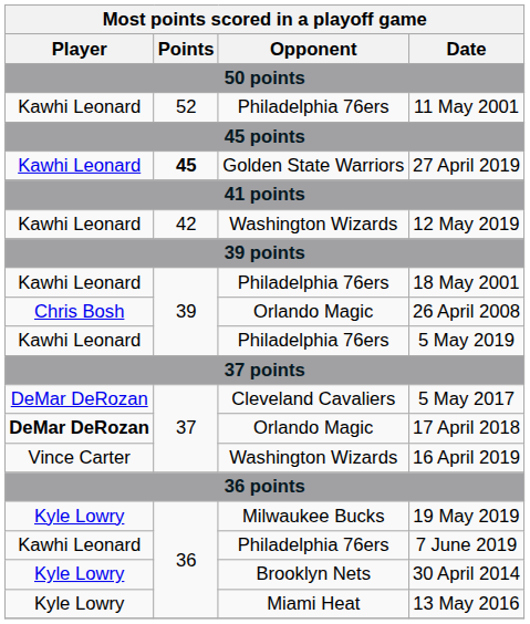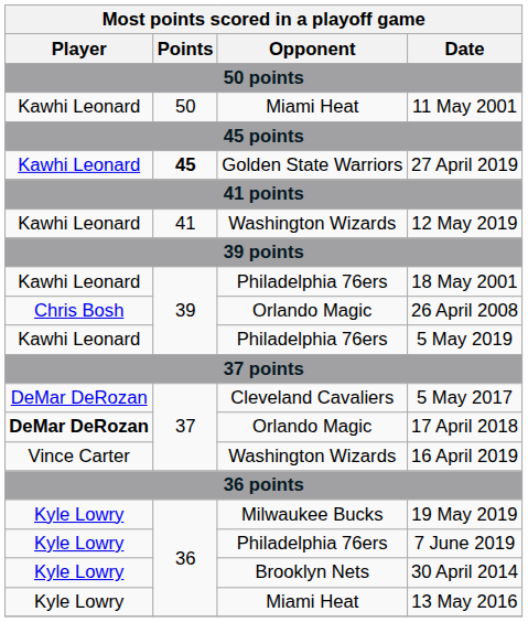 <table class="wikitable" style="text-align:center">
 <tr>
 <th colspan="4">Most points scored in a playoff game</th>
 </tr>
 <tr>
 <th>Player</th>
 <th>Points</th>
 <th>Opponent</th>
 <th>Date</th>
 </tr>
 <tr>
 <th colspan="4" style="text-align:center; background:#A1A1A4; color:#061922;">50 points</th>
 </tr>
 <tr>
 <td>Kawhi Leonard</td>
-<td>52</td>
-<td>Philadelphia 76ers</td>
+<td>50</td>
+<td>Miami Heat</td>
 <td>11 May 2001</td>
 </tr>
 <tr>
 <th colspan="4" style="text-align:center; background:#A1A1A4; color:#061922;">45 points</th>
 </tr>
 <tr>
 <td><a href='#'>Kawhi Leonard</a></td>
 <td><strong>45</strong></td>
 <td>Golden State Warriors</td>
 <td>27 April 2019</td>
 </tr>
 <tr>
 <th colspan="4" style="text-align:center; background:#A1A1A4; color:#061922;">41 points</th>
 </tr>
 <tr>
 <td>Kawhi Leonard</td>
-<td>42</td>
+<td>41</td>
 <td>Washington Wizards</td>
 <td>12 May 2019</td>
 </tr>
 <tr>
 <th colspan="4" style="text-align:center; background:#A1A1A4; color:#061922;">39 points</th>
 </tr>
 <tr>
 <td>Kawhi Leonard</td>
 <td rowspan=3>39</td>
 <td>Philadelphia 76ers</td>
 <td>18 May 2001</td>
 </tr>
 <tr>
 <td><a href='#'>Chris Bosh</a></td>
 <td>Orlando Magic</td>
 <td>26 April 2008</td>
 </tr>
 <tr>
 <td>Kawhi Leonard</td>
 <td>Philadelphia 76ers</td>
 <td>5 May 2019</td>
 </tr>
 <tr>
 <th colspan="4" style="text-align:center; background:#A1A1A4; color:#061922;">37 points</th>
 </tr>
 <tr>
 <td><a href='#'>DeMar DeRozan</a></td>
 <td rowspan=3>37</td>
 <td>Cleveland Cavaliers</td>
 <td>5 May 2017</td>
 </tr>
 <tr>
 <td><strong>DeMar DeRozan</strong></td>
 <td>Orlando Magic</td>
 <td>17 April 2018</td>
 </tr>
 <tr>
 <td>Vince Carter</td>
 <td>Washington Wizards</td>
 <td>16 April 2019</td>
 </tr>
 <tr>
 <th colspan="4" style="text-align:center; background:#A1A1A4; color:#061922;">36 points</th>
 </tr>
 <tr>
 <td><a href='#'>Kyle Lowry</a></td>
 <td rowspan=4>36</td>
 <td>Milwaukee Bucks</td>
 <td>19 May 2019</td>
 </tr>
 <tr>
-<td>Kawhi Leonard</td>
+<td><a href='#'>Kyle Lowry</a></td>
 <td>Philadelphia 76ers</td>
 <td>7 June 2019</td>
 </tr>
 <tr>
 <td><a href='#'>Kyle Lowry</a></td>
 <td>Brooklyn Nets</td>
 <td>30 April 2014</td>
 </tr>
 <tr>
 <td>Kyle Lowry</td>
 <td>Miami Heat</td>
 <td>13 May 2016</td>
 </tr>
 <tr>
 </tr>
 </table>
